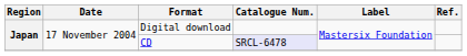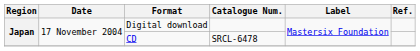 <table class="wikitable sortable plainrowheaders">
 <tr>
 <th scope="col">Region</th>
 <th scope="col">Date</th>
 <th scope="col">Format</th>
 <th scope="col">Catalogue Num.</th>
 <th scope="col">Label</th>
 <th scope="col">Ref.</th>
 </tr>
 <tr>
 <th scope="row" rowspan="2">Japan</th>
 <td rowspan="2">17 November 2004</td>
 <td>Digital download</td>
 <td></td>
 <td rowspan="2"><a href='#'>Mastersix Foundation</a></td>
 <td></td>
 </tr>
 <tr>
 <td><a href='#'>CD</a></td>
-<td style="background: lavender;">SRCL-6478</td>
+<td>SRCL-6478</td>
 <td></td>
 </tr>
 <tr>
 </tr>
 </table>
